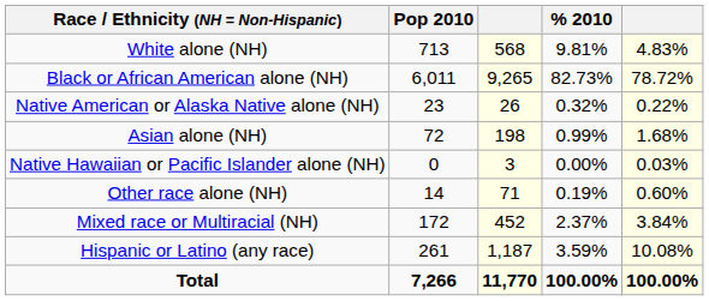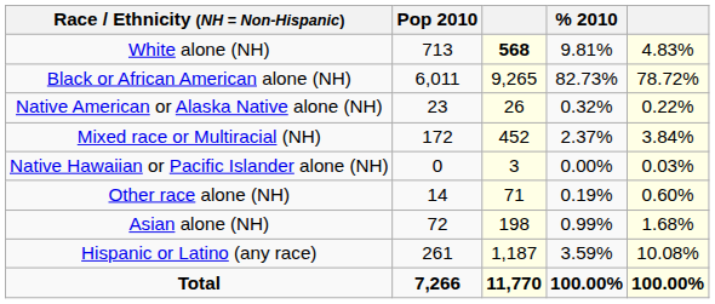 <table class="wikitable" style="text-align:center;">
 <tr>
 <th>Race / Ethnicity <small>(<em>NH = Non-Hispanic</em>)</small></th>
 <th>Pop 2010</th>
 <th></th>
 <th>% 2010</th>
 <th></th>
 </tr>
 <tr>
 <td><a href='#'>White</a> alone (NH)</td>
 <td>713</td>
-<td style='background: #ffffe6;'>568</td>
+<td style='background: #ffffe6;'><strong>568</strong></td>
 <td>9.81%</td>
 <td style='background: #ffffe6;'>4.83%</td>
 </tr>
 <tr>
 <td><a href='#'>Black or African American</a> alone (NH)</td>
 <td>6,011</td>
 <td style='background: #ffffe6;'>9,265</td>
 <td>82.73%</td>
 <td style='background: #ffffe6;'>78.72%</td>
 </tr>
 <tr>
 <td><a href='#'>Native American</a> or <a href='#'>Alaska Native</a> alone (NH)</td>
 <td>23</td>
 <td style='background: #ffffe6;'>26</td>
 <td>0.32%</td>
 <td style='background: #ffffe6;'>0.22%</td>
 </tr>
 <tr>
-<td><a href='#'>Asian</a> alone (NH)</td>
-<td>72</td>
-<td style='background: #ffffe6;'>198</td>
-<td>0.99%</td>
-<td style='background: #ffffe6;'>1.68%</td>
+<td><a href='#'>Mixed race or Multiracial</a> (NH)</td>
+<td>172</td>
+<td style='background: #ffffe6;'>452</td>
+<td>2.37%</td>
+<td style='background: #ffffe6;'>3.84%</td>
 </tr>
 <tr>
 <td><a href='#'>Native Hawaiian</a> or <a href='#'>Pacific Islander</a> alone (NH)</td>
 <td>0</td>
 <td style='background: #ffffe6;'>3</td>
 <td>0.00%</td>
 <td style='background: #ffffe6;'>0.03%</td>
 </tr>
 <tr>
 <td><a href='#'>Other race</a> alone (NH)</td>
 <td>14</td>
 <td style='background: #ffffe6;'>71</td>
 <td>0.19%</td>
 <td style='background: #ffffe6;'>0.60%</td>
 </tr>
 <tr>
-<td><a href='#'>Mixed race or Multiracial</a> (NH)</td>
-<td>172</td>
-<td style='background: #ffffe6;'>452</td>
-<td>2.37%</td>
-<td style='background: #ffffe6;'>3.84%</td>
+<td><a href='#'>Asian</a> alone (NH)</td>
+<td>72</td>
+<td style='background: #ffffe6;'>198</td>
+<td>0.99%</td>
+<td style='background: #ffffe6;'>1.68%</td>
 </tr>
 <tr>
 <td><a href='#'>Hispanic or Latino</a> (any race)</td>
 <td>261</td>
 <td style='background: #ffffe6;'>1,187</td>
 <td>3.59%</td>
 <td style='background: #ffffe6;'>10.08%</td>
 </tr>
 <tr>
 <td><strong>Total</strong></td>
 <td><strong>7,266</strong></td>
 <td style='background: #ffffe6;'><strong>11,770</strong></td>
 <td><strong>100.00%</strong></td>
 <td style='background: #ffffe6;'><strong>100.00%</strong></td>
 </tr>
 </table>
